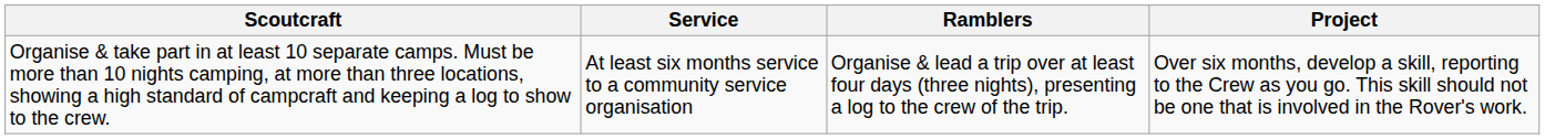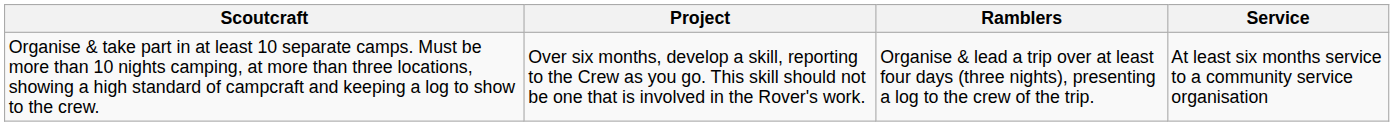 <table class="wikitable">
 <tr>
 <th>Scoutcraft</th>
+<th>Project</th>
+<th>Ramblers</th>
 <th>Service</th>
-<th>Ramblers</th>
-<th>Project</th>
 </tr>
 <tr>
 <td>Organise & take part in at least 10 separate camps. Must be more than 10 nights camping, at more than three locations, showing a high standard of campcraft and keeping a log to show to the crew.</td>
+<td>Over six months, develop a skill, reporting to the Crew as you go. This skill should not be one that is involved in the Rover's work.</td>
+<td>Organise & lead a trip over at least four days (three nights), presenting a log to the crew of the trip.</td>
 <td>At least six months service to a community service organisation</td>
-<td>Organise & lead a trip over at least four days (three nights), presenting a log to the crew of the trip.</td>
-<td>Over six months, develop a skill, reporting to the Crew as you go. This skill should not be one that is involved in the Rover's work.</td>
 </tr>
 </table>
